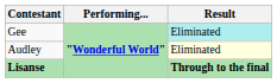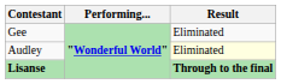 <table class="wikitable">
 <tr>
 <th>Contestant</th>
 <th>Performing...</th>
 <th>Result</th>
 </tr>
 <tr>
 <td>Gee</td>
 <td rowspan="3" style="background:#ACE1AF;"><strong>"<a href='#'>Wonderful World</a>"</strong></td>
-<td style="background: paleturquoise;">Eliminated</td>
+<td>Eliminated</td>
 </tr>
 <tr>
 <td>Audley</td>
 <td style="background: lightyellow;">Eliminated</td>
 </tr>
 <tr>
 <td style="background:#ACE1AF;"><strong>Lisanse</strong></td>
 <td style="background:#ACE1AF;"><strong>Through to the final</strong></td>
 </tr>
 </table>
